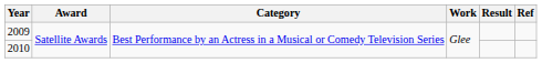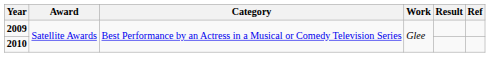 <table class="wikitable">
 <tr>
 <th>Year</th>
 <th>Award</th>
 <th>Category</th>
 <th>Work</th>
 <th>Result</th>
 <th>Ref</th>
 </tr>
 <tr>
-<td>2009</td>
+<td><strong>2009</strong></td>
 <td rowspan="2"><a href='#'>Satellite Awards</a></td>
 <td rowspan="2"><a href='#'>Best Performance by an Actress in a Musical or Comedy Television Series</a></td>
 <td rowspan="2"><em>Glee</em></td>
 <td></td>
 <td></td>
 </tr>
 <tr>
-<td>2010</td>
+<td><strong>2010</strong></td>
 <td></td>
 <td></td>
 </tr>
 </table>
